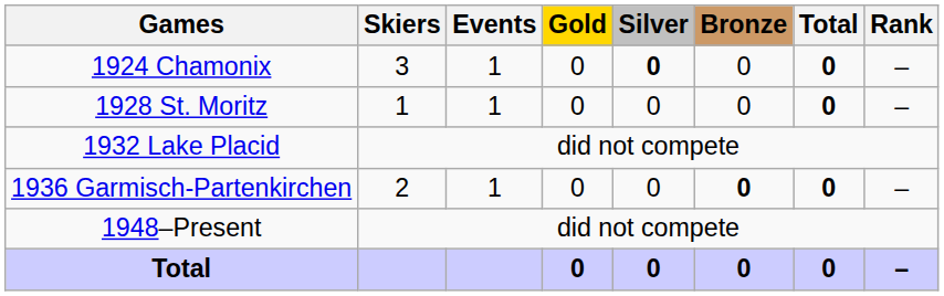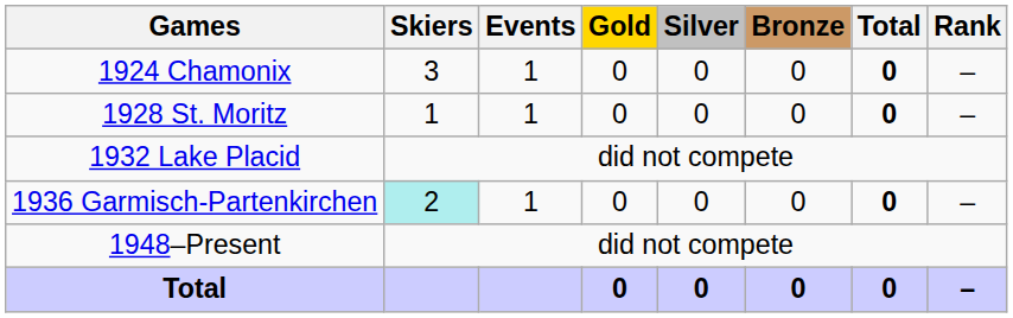 <table class="wikitable sortable collapsible collapsed">
 <tr>
 <th>Games</th>
 <th>Skiers</th>
 <th>Events</th>
 <th style="text-align:center; background-color:gold;">Gold</th>
 <th style="text-align:center; background-color:silver;">Silver</th>
 <th style="text-align:center; background-color:#c96;">Bronze</th>
 <th>Total</th>
 <th>Rank</th>
 </tr>
 <tr align=center>
 <td><a href='#'>1924 Chamonix</a></td>
 <td>3</td>
 <td>1</td>
 <td>0</td>
-<td><strong>0</strong></td>
+<td>0</td>
 <td>0</td>
 <td><strong>0</strong></td>
 <td>–</td>
 </tr>
 <tr align=center>
 <td><a href='#'>1928 St. Moritz</a></td>
 <td>1</td>
 <td>1</td>
 <td>0</td>
 <td>0</td>
 <td>0</td>
 <td><strong>0</strong></td>
 <td>–</td>
 </tr>
 <tr align=center>
 <td><a href='#'>1932 Lake Placid</a></td>
 <td colspan=7>did not compete</td>
 </tr>
 <tr align=center>
 <td><a href='#'>1936 Garmisch-Partenkirchen</a></td>
-<td>2</td>
+<td style="background: paleturquoise;">2</td>
 <td>1</td>
 <td>0</td>
 <td>0</td>
-<td><strong>0</strong></td>
+<td>0</td>
 <td><strong>0</strong></td>
 <td>–</td>
 </tr>
 <tr align=center>
 <td><a href='#'>1948</a>–Present</td>
 <td colspan=7>did not compete</td>
 </tr>
 <tr style="text-align:center; background-color:#ccf;">
 <td><strong>Total</strong></td>
 <td></td>
 <td></td>
 <td><strong>0</strong></td>
 <td><strong>0</strong></td>
 <td><strong>0</strong></td>
 <td><strong>0</strong></td>
 <td><strong>–</strong></td>
 </tr>
 </table>
